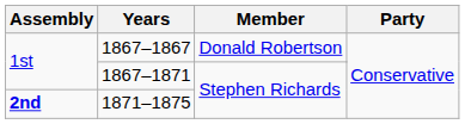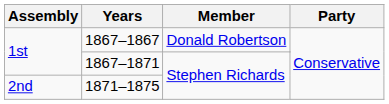 <table class="wikitable">
 <tr>
 <th>Assembly</th>
 <th>Years</th>
 <th>Member</th>
 <th>Party</th>
 </tr>
 <tr>
 <td rowspan="3"><a href='#'>1st</a></td>
 <td rowspan="2">1867–1867</td>
 <td><a href='#'>Donald Robertson</a></td>
 <td rowspan="4"><a href='#'>Conservative</a></td>
 </tr>
 <tr>
 <td rowspan="3"><a href='#'>Stephen Richards</a></td>
 </tr>
 <tr>
 <td>1867–1871</td>
 </tr>
 <tr>
-<td><strong><a href='#'>2nd</a></strong></td>
+<td><a href='#'>2nd</a></td>
 <td>1871–1875</td>
 </tr>
 </table>
